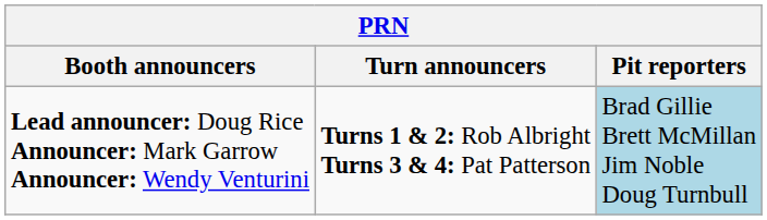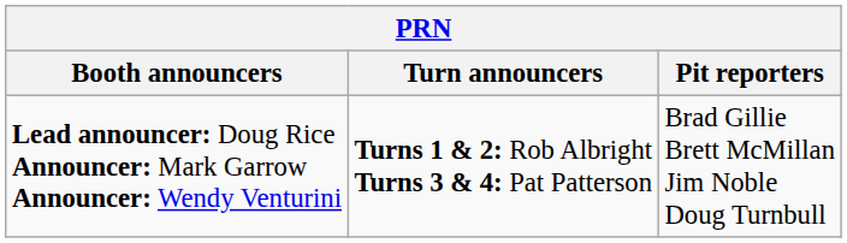 <table class="wikitable" style="font-size: 95%">
 <tr>
 <th colspan="3"><a href='#'>PRN</a></th>
 </tr>
 <tr>
 <th>Booth announcers</th>
 <th>Turn announcers</th>
 <th>Pit reporters</th>
 </tr>
 <tr>
 <td><strong>Lead announcer:</strong> Doug Rice<br><strong>Announcer:</strong> Mark Garrow<br><strong>Announcer:</strong> <a href='#'>Wendy Venturini</a></td>
 <td><strong>Turns 1 & 2:</strong> Rob Albright<br><strong>Turns 3 & 4:</strong> Pat Patterson</td>
-<td style="background: lightblue;">Brad Gillie<br>Brett McMillan<br>Jim Noble<br>Doug Turnbull</td>
+<td>Brad Gillie<br>Brett McMillan<br>Jim Noble<br>Doug Turnbull</td>
 </tr>
 </table>
